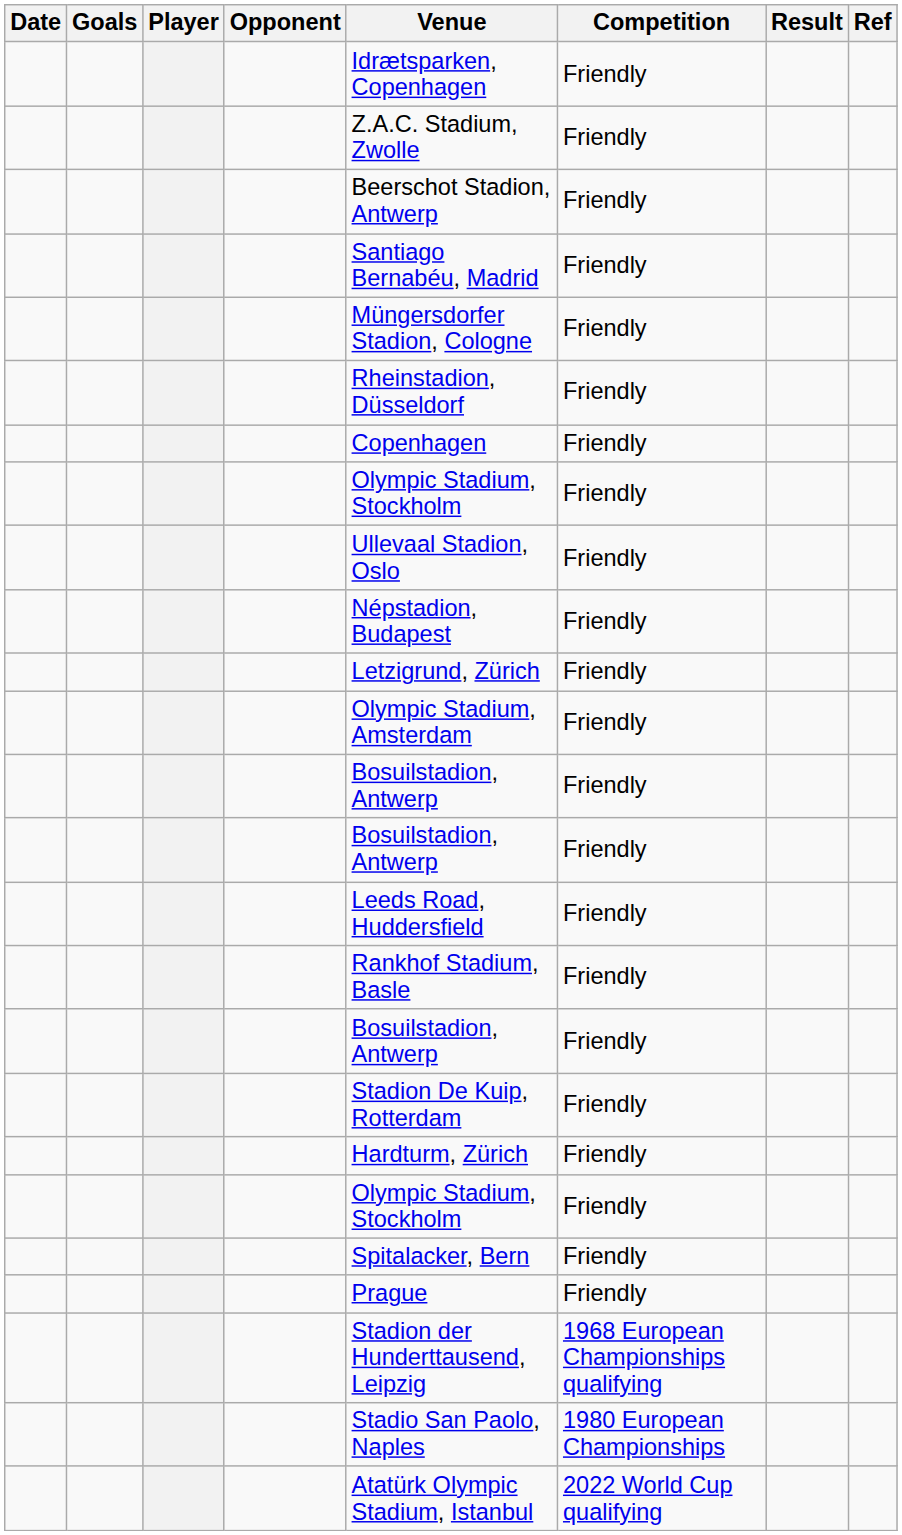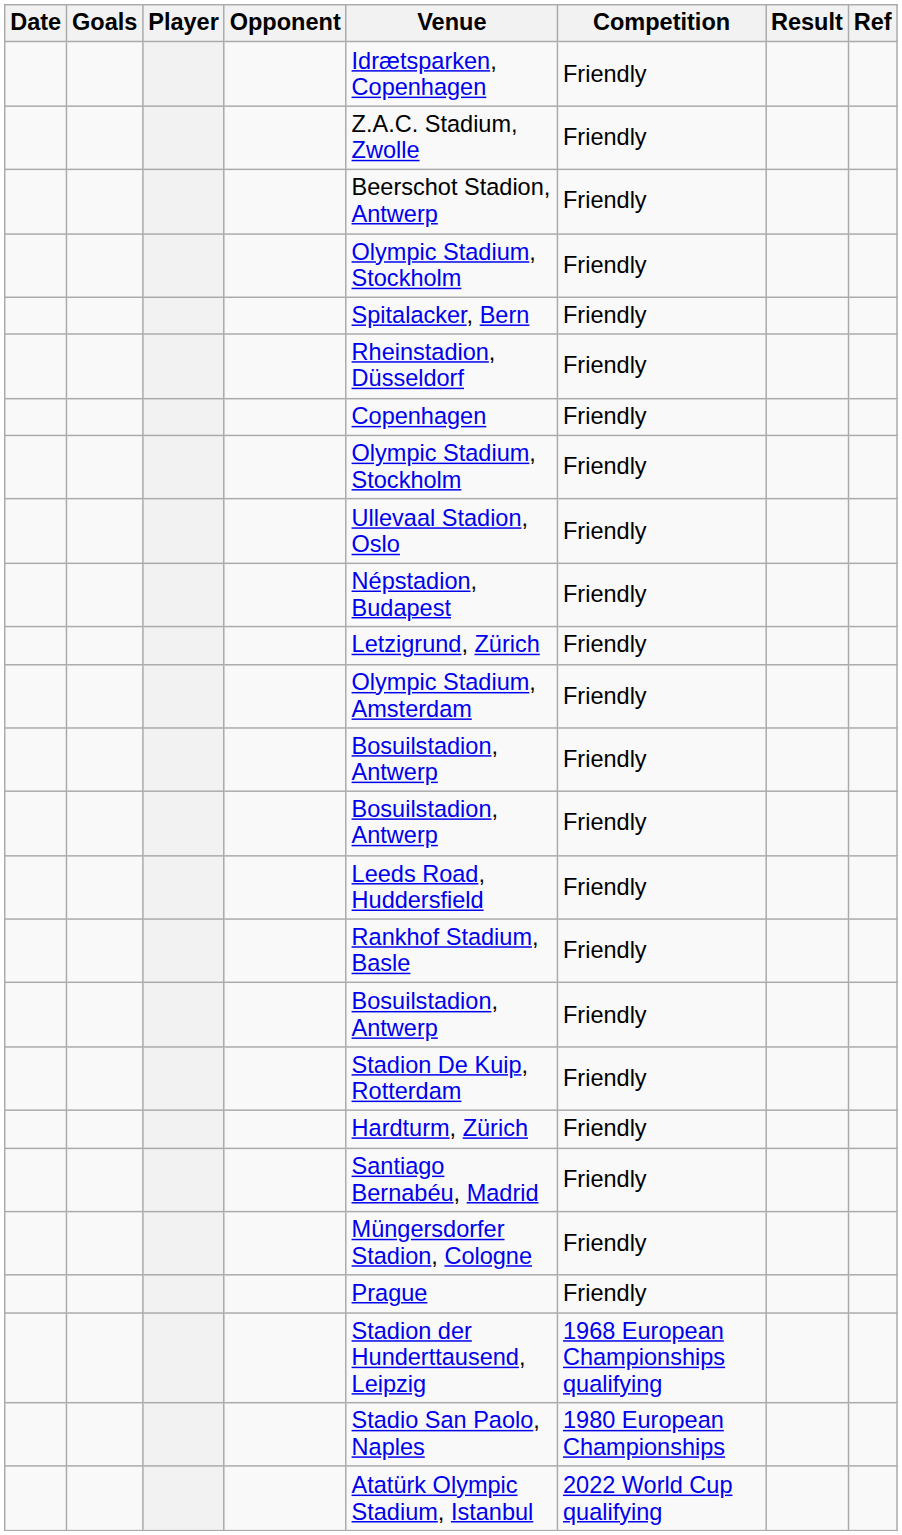 <table class="wikitable sortable plainrowheaders">
 <tr>
 <th scope="col">Date</th>
 <th scope="col">Goals</th>
 <th scope="col">Player</th>
 <th scope="col">Opponent</th>
 <th scope="col">Venue</th>
 <th scope="col">Competition</th>
 <th scope="col" class="align:center">Result</th>
 <th scope="col" class="unsortable">Ref</th>
 </tr>
 <tr>
 <td></td>
 <td></td>
 <th scope="row"></th>
 <td></td>
 <td><a href='#'>Idrætsparken</a>, <a href='#'>Copenhagen</a></td>
 <td>Friendly</td>
 <td data-sort-value="50"></td>
 <td></td>
 </tr>
 <tr>
 <td></td>
 <td></td>
 <th scope="row"></th>
 <td></td>
 <td>Z.A.C. Stadium, <a href='#'>Zwolle</a></td>
 <td>Friendly</td>
 <td data-sort-value="05"></td>
 <td></td>
 </tr>
 <tr>
 <td></td>
 <td></td>
 <th scope="row"></th>
 <td></td>
 <td>Beerschot Stadion, <a href='#'>Antwerp</a></td>
 <td>Friendly</td>
 <td data-sort-value="13"></td>
 <td></td>
 </tr>
 <tr>
 <td></td>
 <td></td>
 <th scope="row"></th>
 <td></td>
-<td><a href='#'>Santiago Bernabéu</a>, <a href='#'>Madrid</a></td>
+<td><a href='#'>Olympic Stadium</a>, <a href='#'>Stockholm</a></td>
 <td>Friendly</td>
 <td data-sort-value="31"></td>
 <td></td>
 </tr>
 <tr>
 <td></td>
 <td></td>
 <th scope="row"></th>
 <td></td>
-<td><a href='#'>Müngersdorfer Stadion</a>, <a href='#'>Cologne</a></td>
+<td><a href='#'>Spitalacker</a>, <a href='#'>Bern</a></td>
 <td>Friendly</td>
 <td data-sort-value="50"></td>
 <td></td>
 </tr>
 <tr>
 <td></td>
 <td></td>
 <th scope="row"></th>
 <td></td>
 <td><a href='#'>Rheinstadion</a>, <a href='#'>Düsseldorf</a></td>
 <td>Friendly</td>
 <td data-sort-value="22"></td>
 <td></td>
 </tr>
 <tr>
 <td></td>
 <td></td>
 <th scope="row"></th>
 <td></td>
 <td><a href='#'>Copenhagen</a></td>
 <td>Friendly</td>
 <td data-sort-value="31"></td>
 <td></td>
 </tr>
 <tr>
 <td></td>
 <td></td>
 <th scope="row"></th>
 <td></td>
 <td><a href='#'>Olympic Stadium</a>, <a href='#'>Stockholm</a></td>
 <td>Friendly</td>
 <td data-sort-value="42"></td>
 <td></td>
 </tr>
 <tr>
 <td></td>
 <td></td>
 <th scope="row"></th>
 <td></td>
 <td><a href='#'>Ullevaal Stadion</a>, <a href='#'>Oslo</a></td>
 <td>Friendly</td>
 <td data-sort-value="04"></td>
 <td></td>
 </tr>
 <tr>
 <td></td>
 <td></td>
 <th scope="row"></th>
 <td></td>
 <td><a href='#'>Népstadion</a>, <a href='#'>Budapest</a></td>
 <td>Friendly</td>
 <td data-sort-value="42"></td>
 <td></td>
 </tr>
 <tr>
 <td></td>
 <td></td>
 <th scope="row"></th>
 <td></td>
 <td><a href='#'>Letzigrund</a>, <a href='#'>Zürich</a></td>
 <td>Friendly</td>
 <td data-sort-value="33"></td>
 <td></td>
 </tr>
 <tr>
 <td></td>
 <td></td>
 <th scope="row"></th>
 <td></td>
 <td><a href='#'>Olympic Stadium</a>, <a href='#'>Amsterdam</a></td>
 <td>Friendly</td>
 <td data-sort-value="14"></td>
 <td></td>
 </tr>
 <tr>
 <td></td>
 <td></td>
 <th scope="row"></th>
 <td></td>
 <td><a href='#'>Bosuilstadion</a>, <a href='#'>Antwerp</a></td>
 <td>Friendly</td>
 <td data-sort-value="14"></td>
 <td></td>
 </tr>
 <tr>
 <td></td>
 <td></td>
 <th scope="row"></th>
 <td></td>
 <td><a href='#'>Bosuilstadion</a>, <a href='#'>Antwerp</a></td>
 <td>Friendly</td>
 <td data-sort-value="61"></td>
 <td></td>
 </tr>
 <tr>
 <td></td>
 <td></td>
 <th scope="row"></th>
 <td></td>
 <td><a href='#'>Leeds Road</a>, <a href='#'>Huddersfield</a></td>
 <td>Friendly</td>
 <td data-sort-value="62"></td>
 <td></td>
 </tr>
 <tr>
 <td></td>
 <td></td>
 <th scope="row"></th>
 <td></td>
 <td><a href='#'>Rankhof Stadium</a>, <a href='#'>Basle</a></td>
 <td>Friendly</td>
 <td data-sort-value="25"></td>
 <td></td>
 </tr>
 <tr>
 <td></td>
 <td></td>
 <th scope="row"></th>
 <td></td>
 <td><a href='#'>Bosuilstadion</a>, <a href='#'>Antwerp</a></td>
 <td>Friendly</td>
 <td data-sort-value="52"></td>
 <td></td>
 </tr>
 <tr>
 <td></td>
 <td></td>
 <th scope="row"></th>
 <td></td>
 <td><a href='#'>Stadion De Kuip</a>, <a href='#'>Rotterdam</a></td>
 <td>Friendly</td>
 <td data-sort-value="16"></td>
 <td></td>
 </tr>
 <tr>
 <td></td>
 <td></td>
 <th scope="row"></th>
 <td></td>
 <td><a href='#'>Hardturm</a>, <a href='#'>Zürich</a></td>
 <td>Friendly</td>
 <td data-sort-value="21"></td>
 <td></td>
 </tr>
 <tr>
 <td></td>
 <td></td>
 <th scope="row"></th>
 <td></td>
-<td><a href='#'>Olympic Stadium</a>, <a href='#'>Stockholm</a></td>
+<td><a href='#'>Santiago Bernabéu</a>, <a href='#'>Madrid</a></td>
 <td>Friendly</td>
 <td data-sort-value="41"></td>
 <td></td>
 </tr>
 <tr>
 <td></td>
 <td></td>
 <th scope="row"></th>
 <td></td>
-<td><a href='#'>Spitalacker</a>, <a href='#'>Bern</a></td>
+<td><a href='#'>Müngersdorfer Stadion</a>, <a href='#'>Cologne</a></td>
 <td>Friendly</td>
 <td data-sort-value="70"></td>
 <td></td>
 </tr>
 <tr>
 <td></td>
 <td></td>
 <th scope="row"></th>
 <td></td>
 <td><a href='#'>Prague</a></td>
 <td>Friendly</td>
 <td data-sort-value="40"></td>
 <td></td>
 </tr>
 <tr>
 <td></td>
 <td></td>
 <th scope="row"></th>
 <td></td>
 <td><a href='#'>Stadion der Hunderttausend</a>, <a href='#'>Leipzig</a></td>
 <td><a href='#'>1968 European Championships qualifying</a></td>
 <td data-sort-value="13"></td>
 <td></td>
 </tr>
 <tr>
 <td></td>
 <td></td>
 <th scope="row"></th>
 <td></td>
 <td><a href='#'>Stadio San Paolo</a>, <a href='#'>Naples</a></td>
 <td><a href='#'>1980 European Championships</a></td>
 <td data-sort-value="12"></td>
 <td></td>
 </tr>
 <tr>
 <td></td>
 <td></td>
 <th scope="row"></th>
 <td></td>
 <td><a href='#'>Atatürk Olympic Stadium</a>, <a href='#'>Istanbul</a></td>
 <td><a href='#'>2022 World Cup qualifying</a></td>
 <td data-sort-value="22"></td>
 <td></td>
 </tr>
 </table>
